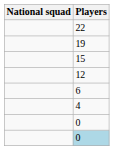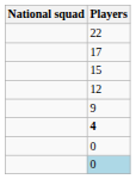 <table class="wikitable sortable">
 <tr>
 <th>National squad</th>
 <th>Players</th>
 </tr>
 <tr>
 <td></td>
 <td>22</td>
 </tr>
 <tr>
 <td></td>
-<td>19</td>
+<td>17</td>
 </tr>
 <tr>
 <td></td>
 <td>15</td>
 </tr>
 <tr>
 <td></td>
 <td>12</td>
 </tr>
 <tr>
 <td></td>
-<td>6</td>
+<td>9</td>
 </tr>
 <tr>
 <td></td>
-<td>4</td>
+<td><strong>4</strong></td>
 </tr>
 <tr>
 <td></td>
 <td>0</td>
 </tr>
 <tr>
 <td></td>
 <td style="background: lightblue;">0</td>
 </tr>
 </table>
